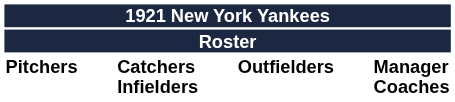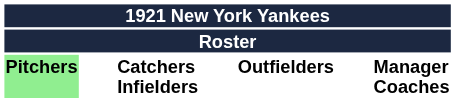 <table class="toccolours" style="font-size: 95%;">
 <tr>
 <th colspan="10" style="background-color: #1c2841; color: white; text-align: center;">1921 New York Yankees</th>
 </tr>
 <tr>
 <td colspan="10" style="background-color: #1c2841; color: white; text-align: center;"><strong>Roster</strong></td>
 </tr>
 <tr>
-<td valign="top"><strong>Pitchers</strong><br>         </td>
+<td valign="top" style="background: lightgreen;"><strong>Pitchers</strong><br>         </td>
 <td width="25px"></td>
 <td valign="top"><strong>Catchers</strong><br>   <strong>Infielders</strong>      </td>
 <td width="25px"></td>
 <td valign="top"><strong>Outfielders</strong><br>       </td>
 <td width="25px"></td>
 <td valign="top"><strong>Manager</strong><br> <strong>Coaches</strong>  </td>
 </tr>
 </table>
